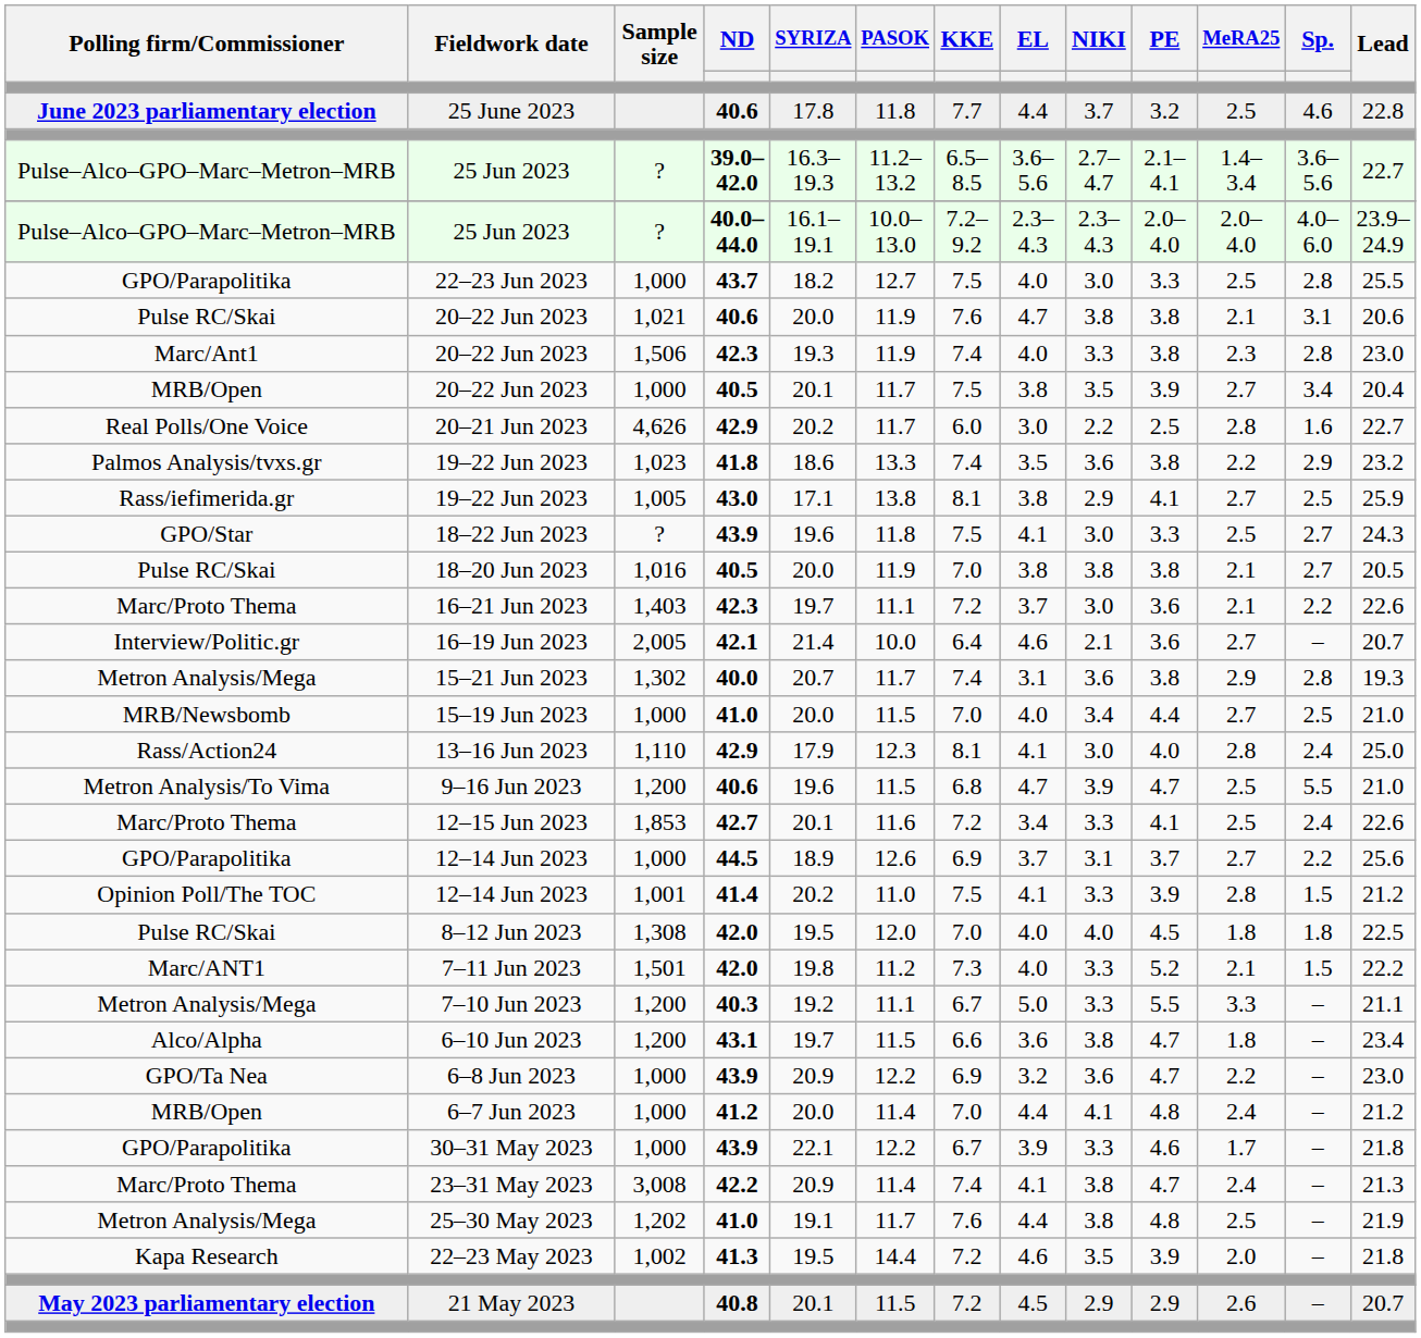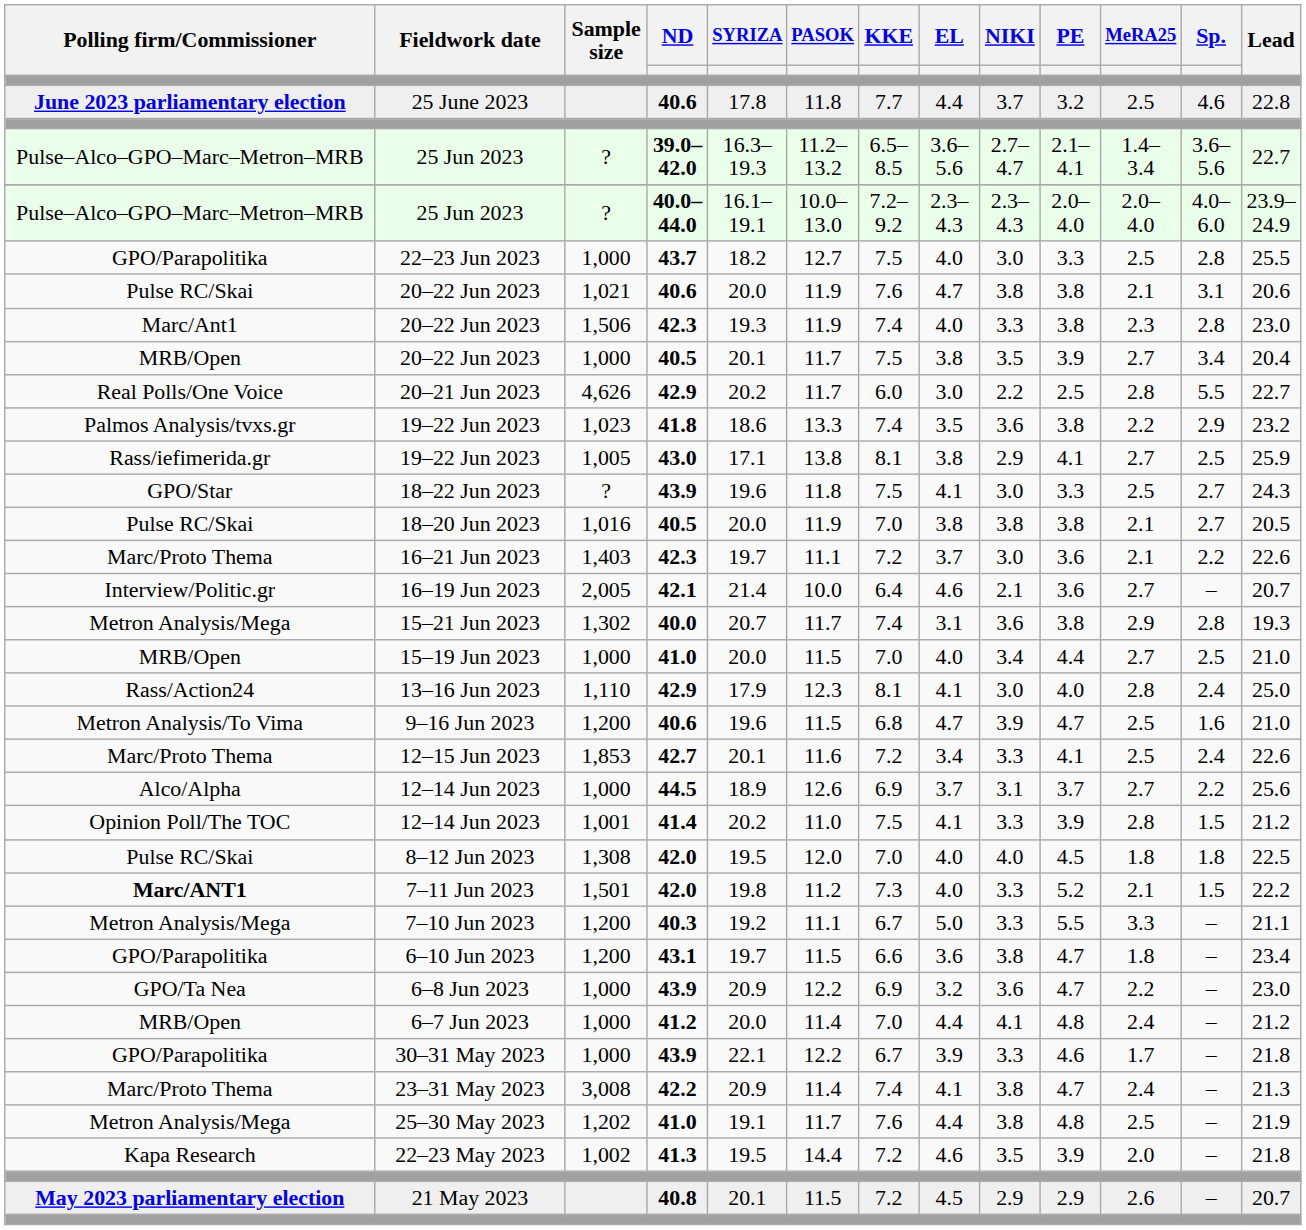 <table class="wikitable collapsible" style="text-align:center; font-size:95%; line-height:16px;">
 <tr style="height:42px;">
 <th style="width:250px;" rowspan="2">Polling firm/Commissioner</th>
 <th style="width:125px;" rowspan="2">Fieldwork date</th>
 <th style="width:50px;" rowspan="2">Sample size</th>
 <th style="width:35px;"><a href='#'>ND</a></th>
 <th style="width:35px; font-size:85%;"><a href='#'>SYRIZA</a></th>
 <th style="width:35px; font-size:85%;"><a href='#'>PASOK</a></th>
 <th style="width:35px;"><a href='#'>KKE</a></th>
 <th style="width:35px;"><a href='#'>EL</a></th>
 <th style="width:35px;"><a href='#'>NIKI</a></th>
 <th style="width:35px;"><a href='#'>PE</a></th>
 <th style="width:35px; font-size:85%;"><a href='#'>MeRA25</a></th>
 <th style="width:35px;"><a href='#'>Sp.</a></th>
 <th style="width:30px;" rowspan="2">Lead</th>
 </tr>
 <tr>
 <th style="color:inherit;background:"></th>
 <th style="color:inherit;background:"></th>
 <th style="color:inherit;background:"></th>
 <th style="color:inherit;background:"></th>
 <th style="color:inherit;background:"></th>
 <th style="color:inherit;background:"></th>
 <th style="color:inherit;background:"></th>
 <th style="color:inherit;background:"></th>
 <th style="color:inherit;background:"></th>
 </tr>
 <tr>
 <td colspan="13" style="background:#A0A0A0"></td>
 </tr>
 <tr style="background:#EFEFEF;">
 <td><strong><a href='#'>June 2023 parliamentary election</a></strong></td>
 <td>25 June 2023</td>
 <td></td>
 <td><strong>40.6</strong><br></td>
 <td>17.8<br></td>
 <td>11.8<br></td>
 <td>7.7<br></td>
 <td>4.4<br></td>
 <td>3.7<br></td>
 <td>3.2<br></td>
 <td>2.5<br></td>
 <td>4.6<br></td>
 <td style="background:">22.8</td>
 </tr>
 <tr>
 <td colspan="13" style="background:#A0A0A0"></td>
 </tr>
 <tr style="background:#EAFFEA;">
 <td>Pulse–Alco–GPO–Marc–Metron–MRB</td>
 <td>25 Jun 2023 </td>
 <td>?</td>
 <td><strong>39.0–<br>42.0</strong><br></td>
 <td>16.3–<br>19.3<br></td>
 <td>11.2–<br>13.2<br></td>
 <td>6.5–<br>8.5<br></td>
 <td>3.6–<br>5.6<br></td>
 <td>2.7–<br>4.7<br></td>
 <td>2.1–<br>4.1<br></td>
 <td>1.4–<br>3.4<br></td>
 <td>3.6–<br>5.6<br></td>
 <td style="background:">22.7</td>
 </tr>
 <tr>
 </tr>
 <tr style="background:#EAFFEA;">
 <td>Pulse–Alco–GPO–Marc–Metron–MRB</td>
 <td>25 Jun 2023 </td>
 <td>?</td>
 <td><strong>40.0–<br>44.0</strong><br></td>
 <td>16.1–<br>19.1<br></td>
 <td>10.0–<br>13.0<br></td>
 <td>7.2–<br>9.2<br></td>
 <td>2.3–<br>4.3<br></td>
 <td>2.3–<br>4.3<br></td>
 <td>2.0–<br>4.0<br></td>
 <td>2.0–<br>4.0<br></td>
 <td>4.0–<br>6.0<br></td>
 <td style="background:">23.9–<br>24.9</td>
 </tr>
 <tr>
 <td>GPO/Parapolitika</td>
 <td>22–23 Jun 2023</td>
 <td>1,000</td>
 <td><strong>43.7</strong><br></td>
 <td>18.2<br></td>
 <td>12.7<br></td>
 <td>7.5<br></td>
 <td>4.0<br></td>
 <td>3.0<br></td>
 <td>3.3<br></td>
 <td>2.5<br></td>
 <td>2.8<br></td>
 <td style="background:">25.5</td>
 </tr>
 <tr>
 <td>Pulse RC/Skai</td>
 <td>20–22 Jun 2023</td>
 <td>1,021</td>
 <td><strong>40.6</strong><br></td>
 <td>20.0<br></td>
 <td>11.9<br></td>
 <td>7.6<br></td>
 <td>4.7<br></td>
 <td>3.8<br></td>
 <td>3.8<br></td>
 <td>2.1<br></td>
 <td>3.1<br></td>
 <td style="background:">20.6</td>
 </tr>
 <tr>
 <td>Marc/Ant1</td>
 <td>20–22 Jun 2023</td>
 <td>1,506</td>
 <td><strong>42.3</strong><br></td>
 <td>19.3<br></td>
 <td>11.9<br></td>
 <td>7.4<br></td>
 <td>4.0<br></td>
 <td>3.3<br></td>
 <td>3.8<br></td>
 <td>2.3<br></td>
 <td>2.8<br></td>
 <td style="background:">23.0</td>
 </tr>
 <tr>
 <td>MRB/Open</td>
 <td>20–22 Jun 2023</td>
 <td>1,000</td>
 <td><strong>40.5</strong><br></td>
 <td>20.1<br></td>
 <td>11.7<br></td>
 <td>7.5<br></td>
 <td>3.8<br></td>
 <td>3.5<br></td>
 <td>3.9<br></td>
 <td>2.7<br></td>
 <td>3.4<br></td>
 <td style="background:">20.4</td>
 </tr>
 <tr>
 <td>Real Polls/One Voice</td>
 <td>20–21 Jun 2023</td>
 <td>4,626</td>
 <td><strong>42.9</strong></td>
 <td>20.2</td>
 <td>11.7</td>
 <td>6.0</td>
 <td>3.0</td>
 <td>2.2</td>
 <td>2.5</td>
 <td>2.8</td>
-<td>1.6<br></td>
+<td>5.5</td>
 <td style="background:">22.7</td>
 </tr>
 <tr>
 <td>Palmos Analysis/tvxs.gr</td>
 <td>19–22 Jun 2023</td>
 <td>1,023</td>
 <td><strong>41.8</strong></td>
 <td>18.6</td>
 <td>13.3</td>
 <td>7.4</td>
 <td>3.5</td>
 <td>3.6</td>
 <td>3.8</td>
 <td>2.2</td>
 <td>2.9</td>
 <td style="background:">23.2</td>
 </tr>
 <tr>
 <td>Rass/iefimerida.gr</td>
 <td>19–22 Jun 2023</td>
 <td>1,005</td>
 <td><strong>43.0</strong><br></td>
 <td>17.1</td>
 <td>13.8</td>
 <td>8.1</td>
 <td>3.8</td>
 <td>2.9</td>
 <td>4.1</td>
 <td>2.7</td>
 <td>2.5</td>
 <td style="background:">25.9</td>
 </tr>
 <tr>
 <td>GPO/Star</td>
 <td>18–22 Jun 2023</td>
 <td>?</td>
 <td><strong>43.9</strong><br></td>
 <td>19.6<br></td>
 <td>11.8<br></td>
 <td>7.5<br></td>
 <td>4.1<br></td>
 <td>3.0<br></td>
 <td>3.3<br></td>
 <td>2.5<br></td>
 <td>2.7<br></td>
 <td style="background:">24.3</td>
 </tr>
 <tr>
 <td>Pulse RC/Skai</td>
 <td>18–20 Jun 2023</td>
 <td>1,016</td>
 <td><strong>40.5</strong><br></td>
 <td>20.0<br></td>
 <td>11.9<br></td>
 <td>7.0<br></td>
 <td>3.8<br></td>
 <td>3.8<br></td>
 <td>3.8<br></td>
 <td>2.1<br></td>
 <td>2.7<br></td>
 <td style="background:">20.5</td>
 </tr>
 <tr>
 <td>Marc/Proto Thema</td>
 <td>16–21 Jun 2023</td>
 <td>1,403</td>
 <td><strong>42.3</strong></td>
 <td>19.7</td>
 <td>11.1</td>
 <td>7.2</td>
 <td>3.7</td>
 <td>3.0</td>
 <td>3.6</td>
 <td>2.1</td>
 <td>2.2</td>
 <td style="background:">22.6</td>
 </tr>
 <tr>
 <td>Interview/Politic.gr</td>
 <td>16–19 Jun 2023</td>
 <td>2,005</td>
 <td><strong>42.1</strong><br></td>
 <td>21.4<br></td>
 <td>10.0<br></td>
 <td>6.4<br></td>
 <td>4.6<br></td>
 <td>2.1<br></td>
 <td>3.6<br></td>
 <td>2.7<br></td>
 <td>–</td>
 <td style="background:">20.7</td>
 </tr>
 <tr>
 <td>Metron Analysis/Mega</td>
 <td>15–21 Jun 2023</td>
 <td>1,302</td>
 <td><strong>40.0</strong><br></td>
 <td>20.7<br></td>
 <td>11.7<br></td>
 <td>7.4<br></td>
 <td>3.1<br></td>
 <td>3.6<br></td>
 <td>3.8<br></td>
 <td>2.9<br></td>
 <td>2.8<br></td>
 <td style="background:">19.3</td>
 </tr>
 <tr>
-<td>MRB/Newsbomb</td>
+<td>MRB/Open</td>
 <td>15–19 Jun 2023</td>
 <td>1,000</td>
 <td><strong>41.0</strong><br></td>
 <td>20.0<br></td>
 <td>11.5<br></td>
 <td>7.0<br></td>
 <td>4.0<br></td>
 <td>3.4<br></td>
 <td>4.4<br></td>
 <td>2.7<br></td>
 <td>2.5<br></td>
 <td style="background:">21.0</td>
 </tr>
 <tr>
 <td>Rass/Action24</td>
 <td>13–16 Jun 2023</td>
 <td>1,110</td>
 <td><strong>42.9</strong><br></td>
 <td>17.9<br></td>
 <td>12.3<br></td>
 <td>8.1<br></td>
 <td>4.1<br></td>
 <td>3.0<br></td>
 <td>4.0<br></td>
 <td>2.8<br></td>
 <td>2.4<br></td>
 <td style="background:">25.0</td>
 </tr>
 <tr>
 <td>Metron Analysis/To Vima</td>
 <td>9–16 Jun 2023</td>
 <td>1,200</td>
 <td><strong>40.6</strong><br></td>
 <td>19.6<br></td>
 <td>11.5<br></td>
 <td>6.8<br></td>
 <td>4.7<br></td>
 <td>3.9<br></td>
 <td>4.7<br></td>
 <td>2.5<br></td>
-<td>5.5</td>
+<td>1.6<br></td>
 <td style="background:">21.0</td>
 </tr>
 <tr>
 <td>Marc/Proto Thema</td>
 <td>12–15 Jun 2023</td>
 <td>1,853</td>
 <td><strong>42.7</strong><br></td>
 <td>20.1<br></td>
 <td>11.6<br></td>
 <td>7.2<br></td>
 <td>3.4<br></td>
 <td>3.3<br></td>
 <td>4.1<br></td>
 <td>2.5<br></td>
 <td>2.4<br></td>
 <td style="background:">22.6</td>
 </tr>
 <tr>
-<td>GPO/Parapolitika</td>
+<td>Alco/Alpha</td>
 <td>12–14 Jun 2023</td>
 <td>1,000</td>
 <td><strong>44.5</strong><br></td>
 <td>18.9<br></td>
 <td>12.6<br></td>
 <td>6.9<br></td>
 <td>3.7<br></td>
 <td>3.1<br></td>
 <td>3.7<br></td>
 <td>2.7<br></td>
 <td>2.2<br></td>
 <td style="background:">25.6</td>
 </tr>
 <tr>
 <td>Opinion Poll/The TOC</td>
 <td>12–14 Jun 2023</td>
 <td>1,001</td>
 <td><strong>41.4</strong><br></td>
 <td>20.2<br></td>
 <td>11.0<br></td>
 <td>7.5<br></td>
 <td>4.1<br></td>
 <td>3.3<br></td>
 <td>3.9<br></td>
 <td>2.8<br></td>
 <td>1.5<br></td>
 <td style="background:">21.2</td>
 </tr>
 <tr>
 <td>Pulse RC/Skai</td>
 <td>8–12 Jun 2023</td>
 <td>1,308</td>
 <td><strong>42.0</strong><br></td>
 <td>19.5<br></td>
 <td>12.0<br></td>
 <td>7.0<br></td>
 <td>4.0<br></td>
 <td>4.0<br></td>
 <td>4.5<br></td>
 <td>1.8<br></td>
 <td>1.8<br></td>
 <td style="background:">22.5</td>
 </tr>
 <tr>
-<td>Marc/ANT1</td>
+<td><strong>Marc/ANT1</strong></td>
 <td>7–11 Jun 2023</td>
 <td>1,501</td>
 <td><strong>42.0</strong><br></td>
 <td>19.8<br></td>
 <td>11.2<br></td>
 <td>7.3<br></td>
 <td>4.0<br></td>
 <td>3.3<br></td>
 <td>5.2<br></td>
 <td>2.1<br></td>
 <td>1.5<br></td>
 <td style="background:">22.2</td>
 </tr>
 <tr>
 <td>Metron Analysis/Mega</td>
 <td>7–10 Jun 2023</td>
 <td>1,200</td>
 <td><strong>40.3</strong><br></td>
 <td>19.2<br></td>
 <td>11.1<br></td>
 <td>6.7<br></td>
 <td>5.0<br></td>
 <td>3.3<br></td>
 <td>5.5<br></td>
 <td>3.3<br></td>
 <td>–</td>
 <td style="background:">21.1</td>
 </tr>
 <tr>
-<td>Alco/Alpha</td>
+<td>GPO/Parapolitika</td>
 <td>6–10 Jun 2023</td>
 <td>1,200</td>
 <td><strong>43.1</strong></td>
 <td>19.7</td>
 <td>11.5</td>
 <td>6.6</td>
 <td>3.6</td>
 <td>3.8</td>
 <td>4.7</td>
 <td>1.8</td>
 <td>–</td>
 <td style="background:">23.4</td>
 </tr>
 <tr>
 <td>GPO/Ta Nea</td>
 <td>6–8 Jun 2023</td>
 <td>1,000</td>
 <td><strong>43.9</strong><br></td>
 <td>20.9<br></td>
 <td>12.2<br></td>
 <td>6.9<br></td>
 <td>3.2<br></td>
 <td>3.6<br></td>
 <td>4.7<br></td>
 <td>2.2<br></td>
 <td>–</td>
 <td style="background:">23.0</td>
 </tr>
 <tr>
 <td>MRB/Open</td>
 <td>6–7 Jun 2023</td>
 <td>1,000</td>
 <td><strong>41.2</strong><br></td>
 <td>20.0<br></td>
 <td>11.4<br></td>
 <td>7.0<br></td>
 <td>4.4<br></td>
 <td>4.1<br></td>
 <td>4.8<br></td>
 <td>2.4<br></td>
 <td>–</td>
 <td style="background:">21.2</td>
 </tr>
 <tr>
 <td>GPO/Parapolitika</td>
 <td>30–31 May 2023</td>
 <td>1,000</td>
 <td><strong>43.9</strong></td>
 <td>22.1</td>
 <td>12.2</td>
 <td>6.7</td>
 <td>3.9</td>
 <td>3.3</td>
 <td>4.6</td>
 <td>1.7</td>
 <td>–</td>
 <td style="background:">21.8</td>
 </tr>
 <tr>
 <td>Marc/Proto Thema</td>
 <td>23–31 May 2023</td>
 <td>3,008</td>
 <td><strong>42.2</strong></td>
 <td>20.9</td>
 <td>11.4</td>
 <td>7.4</td>
 <td>4.1</td>
 <td>3.8</td>
 <td>4.7</td>
 <td>2.4</td>
 <td>–</td>
 <td style="background:">21.3</td>
 </tr>
 <tr>
 <td>Metron Analysis/Mega</td>
 <td>25–30 May 2023</td>
 <td>1,202</td>
 <td><strong>41.0</strong><br></td>
 <td>19.1<br></td>
 <td>11.7<br></td>
 <td>7.6<br></td>
 <td>4.4<br></td>
 <td>3.8<br></td>
 <td>4.8<br></td>
 <td>2.5<br></td>
 <td>–</td>
 <td style="background:">21.9</td>
 </tr>
 <tr>
 <td>Kapa Research</td>
 <td>22–23 May 2023</td>
 <td>1,002</td>
 <td><strong>41.3</strong></td>
 <td>19.5</td>
 <td>14.4</td>
 <td>7.2</td>
 <td>4.6</td>
 <td>3.5</td>
 <td>3.9</td>
 <td>2.0</td>
 <td>–</td>
 <td style="background:">21.8</td>
 </tr>
 <tr>
 <td colspan="13" style="background:#A0A0A0"></td>
 </tr>
 <tr style="background:#EFEFEF;">
 <td><strong><a href='#'>May 2023 parliamentary election</a></strong></td>
 <td>21 May 2023</td>
 <td></td>
 <td><strong>40.8</strong><br></td>
 <td>20.1<br></td>
 <td>11.5<br></td>
 <td>7.2<br></td>
 <td>4.5<br></td>
 <td>2.9<br></td>
 <td>2.9<br></td>
 <td>2.6<br></td>
 <td>–</td>
 <td style="background:">20.7</td>
 </tr>
 <tr>
 <td colspan="13" style="background:#A0A0A0"></td>
 </tr>
 </table>
